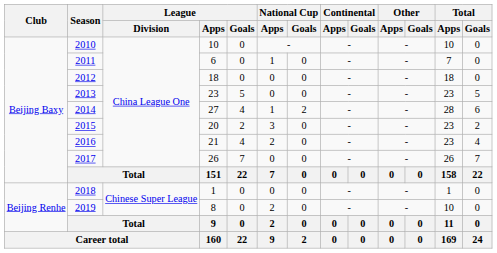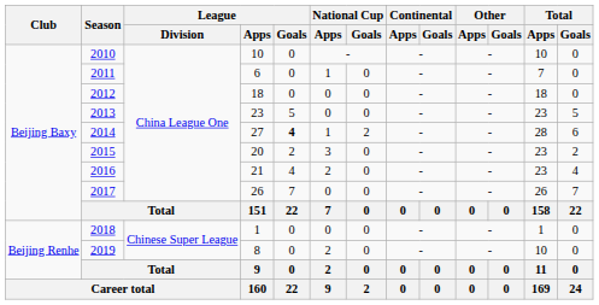 <table class="wikitable" style="text-align: center">
 <tr>
 <th rowspan="2">Club</th>
 <th rowspan="2">Season</th>
 <th colspan="3">League</th>
 <th colspan="2">National Cup</th>
 <th colspan="2">Continental</th>
 <th colspan="2">Other</th>
 <th colspan="2">Total</th>
 </tr>
 <tr>
 <th>Division</th>
 <th>Apps</th>
 <th>Goals</th>
 <th>Apps</th>
 <th>Goals</th>
 <th>Apps</th>
 <th>Goals</th>
 <th>Apps</th>
 <th>Goals</th>
 <th>Apps</th>
 <th>Goals</th>
 </tr>
 <tr>
 <td rowspan=9><a href='#'>Beijing Baxy</a></td>
 <td><a href='#'>2010</a></td>
 <td rowspan=8><a href='#'>China League One</a></td>
 <td>10</td>
 <td>0</td>
 <td colspan="2">-</td>
 <td colspan="2">-</td>
 <td colspan="2">-</td>
 <td>10</td>
 <td>0</td>
 </tr>
 <tr>
 <td><a href='#'>2011</a></td>
 <td>6</td>
 <td>0</td>
 <td>1</td>
 <td>0</td>
 <td colspan="2">-</td>
 <td colspan="2">-</td>
 <td>7</td>
 <td>0</td>
 </tr>
 <tr>
 <td><a href='#'>2012</a></td>
 <td>18</td>
 <td>0</td>
 <td>0</td>
 <td>0</td>
 <td colspan="2">-</td>
 <td colspan="2">-</td>
 <td>18</td>
 <td>0</td>
 </tr>
 <tr>
 <td><a href='#'>2013</a></td>
 <td>23</td>
 <td>5</td>
 <td>0</td>
 <td>0</td>
 <td colspan="2">-</td>
 <td colspan="2">-</td>
 <td>23</td>
 <td>5</td>
 </tr>
 <tr>
 <td><a href='#'>2014</a></td>
 <td>27</td>
-<td>4</td>
+<td><strong>4</strong></td>
 <td>1</td>
 <td>2</td>
 <td colspan="2">-</td>
 <td colspan="2">-</td>
 <td>28</td>
 <td>6</td>
 </tr>
 <tr>
 <td><a href='#'>2015</a></td>
 <td>20</td>
 <td>2</td>
 <td>3</td>
 <td>0</td>
 <td colspan="2">-</td>
 <td colspan="2">-</td>
 <td>23</td>
 <td>2</td>
 </tr>
 <tr>
 <td><a href='#'>2016</a></td>
 <td>21</td>
 <td>4</td>
 <td>2</td>
 <td>0</td>
 <td colspan="2">-</td>
 <td colspan="2">-</td>
 <td>23</td>
 <td>4</td>
 </tr>
 <tr>
 <td><a href='#'>2017</a></td>
 <td>26</td>
 <td>7</td>
 <td>0</td>
 <td>0</td>
 <td colspan="2">-</td>
 <td colspan="2">-</td>
 <td>26</td>
 <td>7</td>
 </tr>
 <tr>
 <th colspan="2"><strong>Total</strong></th>
 <th>151</th>
 <th>22</th>
 <th>7</th>
 <th>0</th>
 <th>0</th>
 <th>0</th>
 <th>0</th>
 <th>0</th>
 <th>158</th>
 <th>22</th>
 </tr>
 <tr>
 <td rowspan=3><a href='#'>Beijing Renhe</a></td>
 <td><a href='#'>2018</a></td>
 <td rowspan=2><a href='#'>Chinese Super League</a></td>
 <td>1</td>
 <td>0</td>
 <td>0</td>
 <td>0</td>
 <td colspan="2">-</td>
 <td colspan="2">-</td>
 <td>1</td>
 <td>0</td>
 </tr>
 <tr>
 <td><a href='#'>2019</a></td>
 <td>8</td>
 <td>0</td>
 <td>2</td>
 <td>0</td>
 <td colspan="2">-</td>
 <td colspan="2">-</td>
 <td>10</td>
 <td>0</td>
 </tr>
 <tr>
 <th colspan="2"><strong>Total</strong></th>
 <th>9</th>
 <th>0</th>
 <th>2</th>
 <th>0</th>
 <th>0</th>
 <th>0</th>
 <th>0</th>
 <th>0</th>
 <th>11</th>
 <th>0</th>
 </tr>
 <tr>
 <th colspan=3>Career total</th>
 <th>160</th>
 <th>22</th>
 <th>9</th>
 <th>2</th>
 <th>0</th>
 <th>0</th>
 <th>0</th>
 <th>0</th>
 <th>169</th>
 <th>24</th>
 </tr>
 </table>
